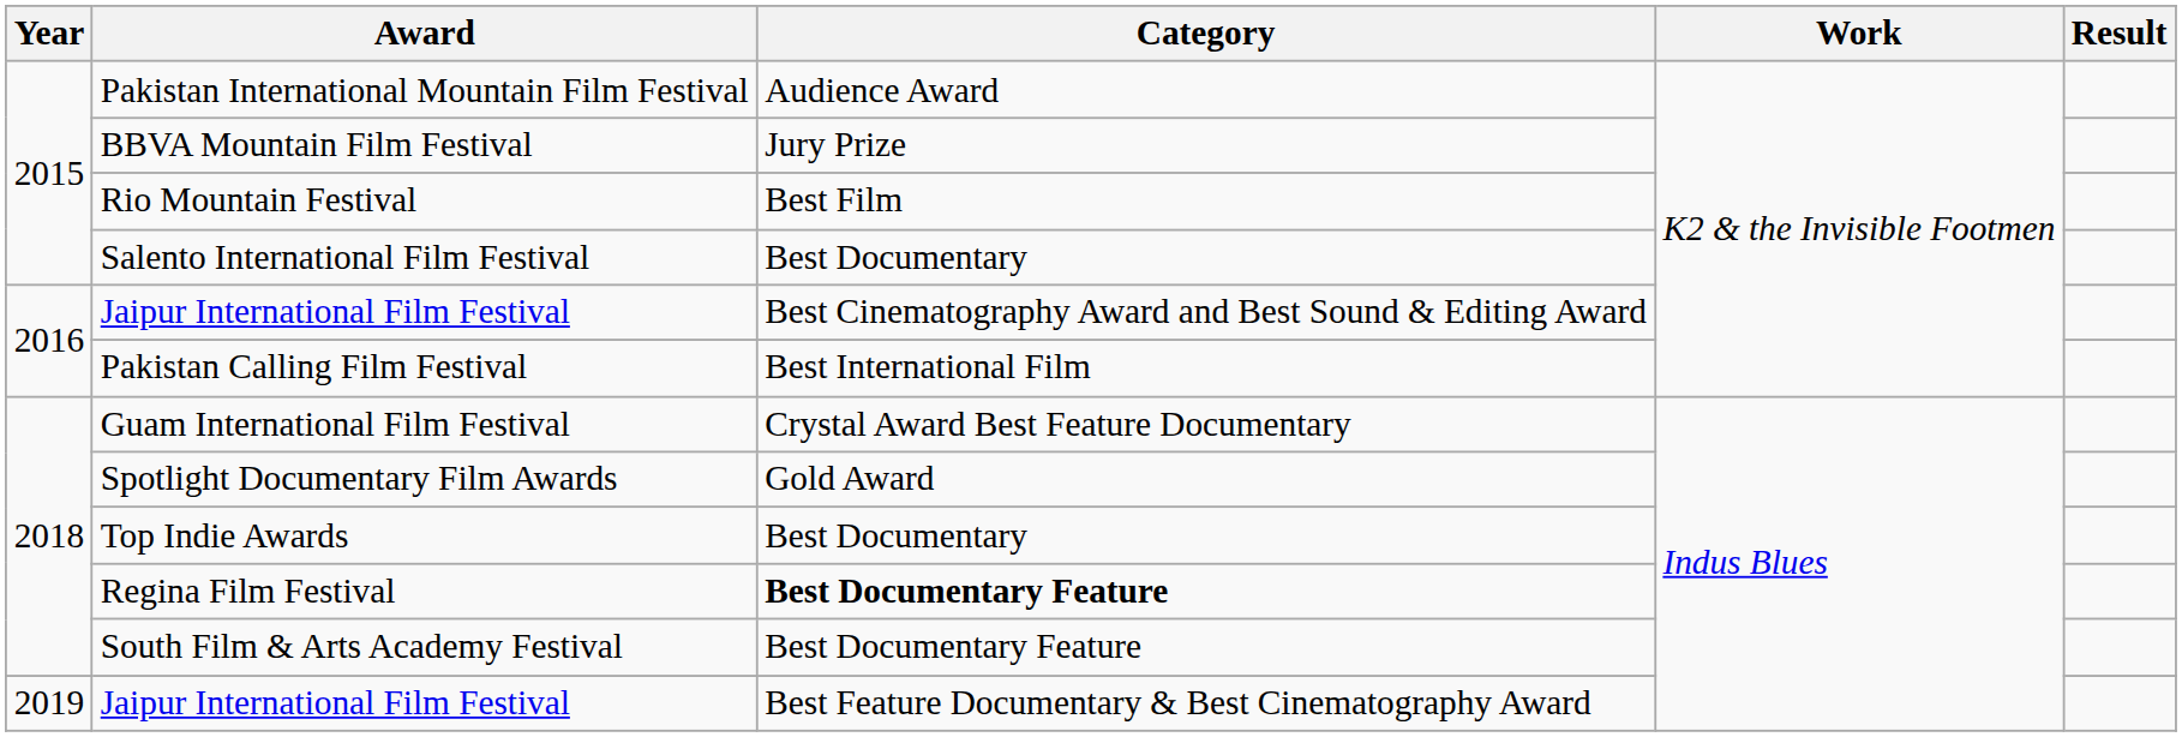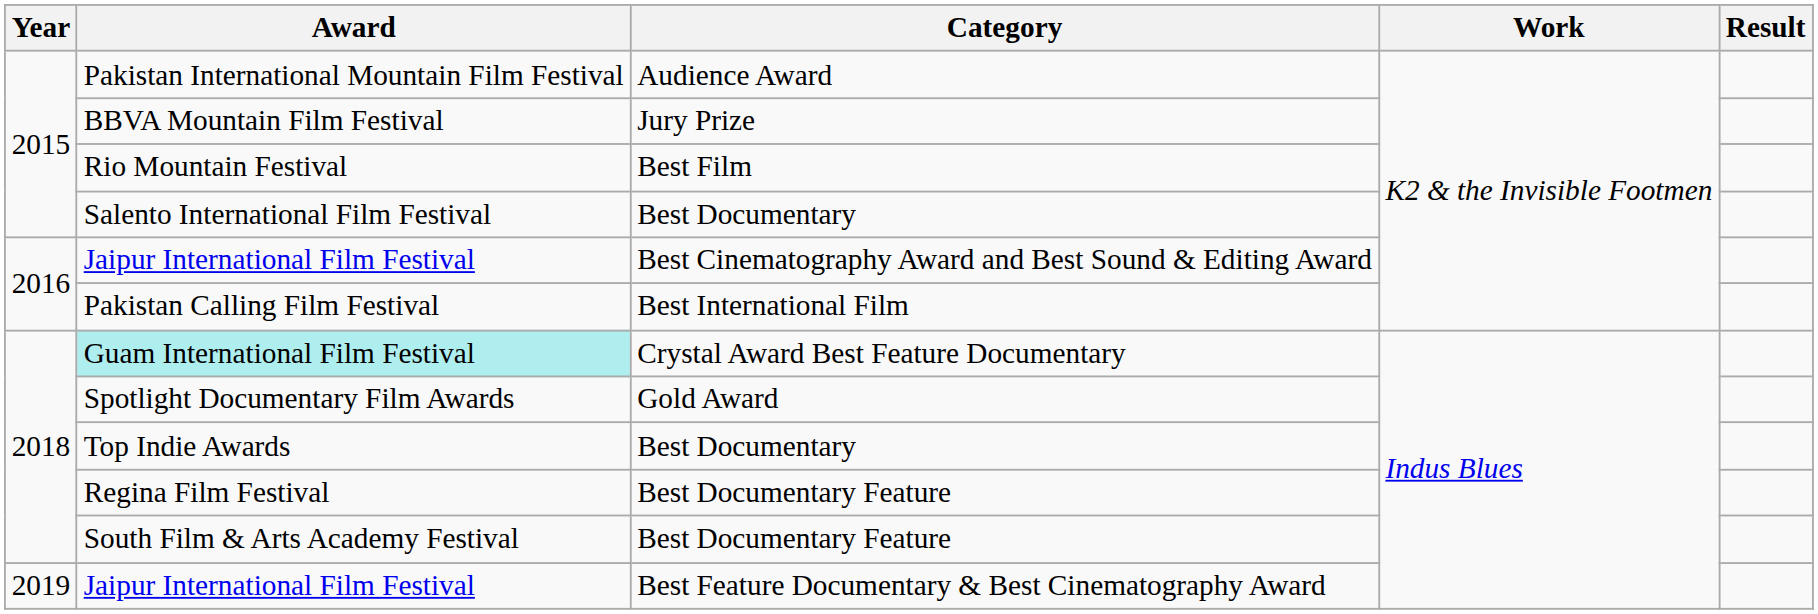 <table class="wikitable">
 <tr>
 <th>Year</th>
 <th>Award</th>
 <th>Category</th>
 <th>Work</th>
 <th>Result</th>
 </tr>
 <tr>
 <td rowspan="4">2015</td>
 <td>Pakistan International Mountain Film Festival</td>
 <td>Audience Award</td>
 <td rowspan="6"><em>K2 & the Invisible Footmen</em></td>
 <td></td>
 </tr>
 <tr>
 <td>BBVA Mountain Film Festival</td>
 <td>Jury Prize</td>
 <td></td>
 </tr>
 <tr>
 <td>Rio Mountain Festival</td>
 <td>Best Film</td>
 <td></td>
 </tr>
 <tr>
 <td>Salento International Film Festival</td>
 <td>Best Documentary</td>
 <td></td>
 </tr>
 <tr>
 <td rowspan="2">2016</td>
 <td><a href='#'>Jaipur International Film Festival</a></td>
 <td>Best Cinematography Award and Best Sound & Editing Award</td>
 <td></td>
 </tr>
 <tr>
 <td>Pakistan Calling Film Festival</td>
 <td>Best International Film</td>
 <td></td>
 </tr>
 <tr>
 <td rowspan="5">2018</td>
-<td>Guam International Film Festival</td>
+<td style="background: paleturquoise;">Guam International Film Festival</td>
 <td>Crystal Award Best Feature Documentary</td>
 <td rowspan="6"><em><a href='#'>Indus Blues</a></em></td>
 <td></td>
 </tr>
 <tr>
 <td>Spotlight Documentary Film Awards</td>
 <td>Gold Award</td>
 <td></td>
 </tr>
 <tr>
 <td>Top Indie Awards</td>
 <td>Best Documentary</td>
 <td></td>
 </tr>
 <tr>
 <td>Regina Film Festival</td>
-<td><strong>Best Documentary Feature</strong></td>
+<td>Best Documentary Feature</td>
 <td></td>
 </tr>
 <tr>
 <td>South Film & Arts Academy Festival</td>
 <td>Best Documentary Feature</td>
 <td></td>
 </tr>
 <tr>
 <td>2019</td>
 <td><a href='#'>Jaipur International Film Festival</a></td>
 <td>Best Feature Documentary & Best Cinematography Award</td>
 <td></td>
 </tr>
 </table>
